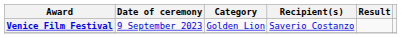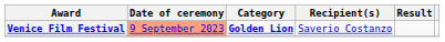 <table class="wikitable sortable plainrowheaders">
 <tr>
 <th scope="col">Award</th>
 <th scope="col">Date of ceremony</th>
 <th scope="col">Category</th>
 <th scope="col">Recipient(s)</th>
 <th scope="col">Result</th>
 <th scope="col" class="unsortable"></th>
 </tr>
 <tr>
 <th scope="row"><a href='#'>Venice Film Festival</a></th>
-<td><a href='#'>9 September 2023</a></td>
-<td><a href='#'>Golden Lion</a></td>
+<td style="background: lightsalmon;"><a href='#'>9 September 2023</a></td>
+<td><strong><a href='#'>Golden Lion</a></strong></td>
 <td><a href='#'>Saverio Costanzo</a></td>
 <td></td>
 <td style="text-align:center;"></td>
 </tr>
 <tr>
 </tr>
 </table>
